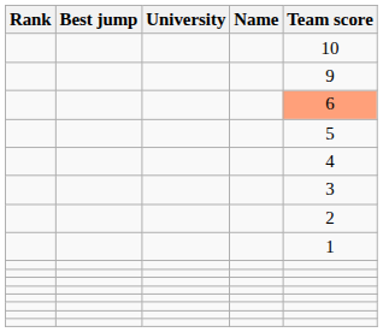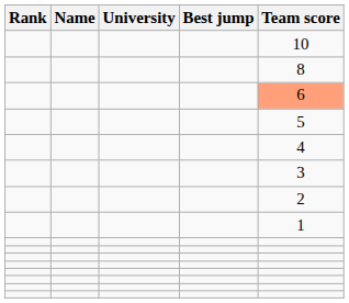 <table class="wikitable sortable" style="text-align:center">
 <tr>
 <th>Rank</th>
+<th>Name</th>
+<th>University</th>
 <th>Best jump</th>
-<th>University</th>
-<th>Name</th>
 <th>Team score</th>
 </tr>
 <tr>
 <td></td>
-<td><strong></strong></td>
 <td align=left></td>
 <td align=left></td>
+<td><strong></strong></td>
 <td>10</td>
 </tr>
 <tr>
 <td></td>
-<td><strong></strong></td>
 <td align=left></td>
 <td align=left></td>
-<td>9</td>
+<td><strong></strong></td>
+<td>8</td>
 </tr>
 <tr>
 <td></td>
-<td><strong></strong></td>
 <td align=left></td>
 <td align=left></td>
+<td><strong></strong></td>
 <td style="background: lightsalmon;">6</td>
 </tr>
 <tr>
 <td></td>
-<td><strong></strong></td>
 <td align=left></td>
 <td align=left></td>
+<td><strong></strong></td>
 <td>5</td>
 </tr>
 <tr>
 <td></td>
-<td><strong></strong></td>
 <td align=left></td>
 <td align=left></td>
+<td><strong></strong></td>
 <td>4</td>
 </tr>
 <tr>
 <td></td>
-<td><strong></strong></td>
 <td align=left></td>
 <td align=left></td>
+<td><strong></strong></td>
 <td>3</td>
 </tr>
 <tr>
 <td></td>
-<td><strong></strong></td>
 <td align=left></td>
 <td align=left></td>
+<td><strong></strong></td>
 <td>2</td>
 </tr>
 <tr>
 <td></td>
-<td><strong></strong></td>
 <td align=left></td>
 <td align=left></td>
+<td><strong></strong></td>
 <td>1</td>
 </tr>
 <tr>
 <td></td>
-<td><strong></strong></td>
 <td align=left></td>
 <td align=left></td>
+<td><strong></strong></td>
 <td></td>
 </tr>
 <tr>
 <td></td>
-<td><strong></strong></td>
 <td align=left></td>
 <td align=left></td>
+<td><strong></strong></td>
 <td></td>
 </tr>
 <tr>
 <td></td>
-<td><strong></strong></td>
 <td align=left></td>
 <td align=left></td>
+<td><strong></strong></td>
 <td></td>
 </tr>
 <tr>
 <td></td>
-<td><strong></strong></td>
 <td align=left></td>
 <td align=left></td>
+<td><strong></strong></td>
 <td></td>
 </tr>
 <tr>
 <td></td>
-<td><strong></strong></td>
 <td align=left></td>
 <td align=left></td>
+<td><strong></strong></td>
 <td></td>
 </tr>
 <tr>
 <td></td>
-<td><strong></strong></td>
 <td align=left></td>
 <td align=left></td>
+<td><strong></strong></td>
 <td></td>
 </tr>
 <tr>
 <td></td>
-<td><strong></strong></td>
 <td align=left></td>
 <td align=left></td>
+<td><strong></strong></td>
 <td></td>
 </tr>
 <tr>
 <td></td>
-<td><strong></strong></td>
 <td align=left></td>
 <td align=left></td>
+<td><strong></strong></td>
 <td></td>
 </tr>
 </table>
